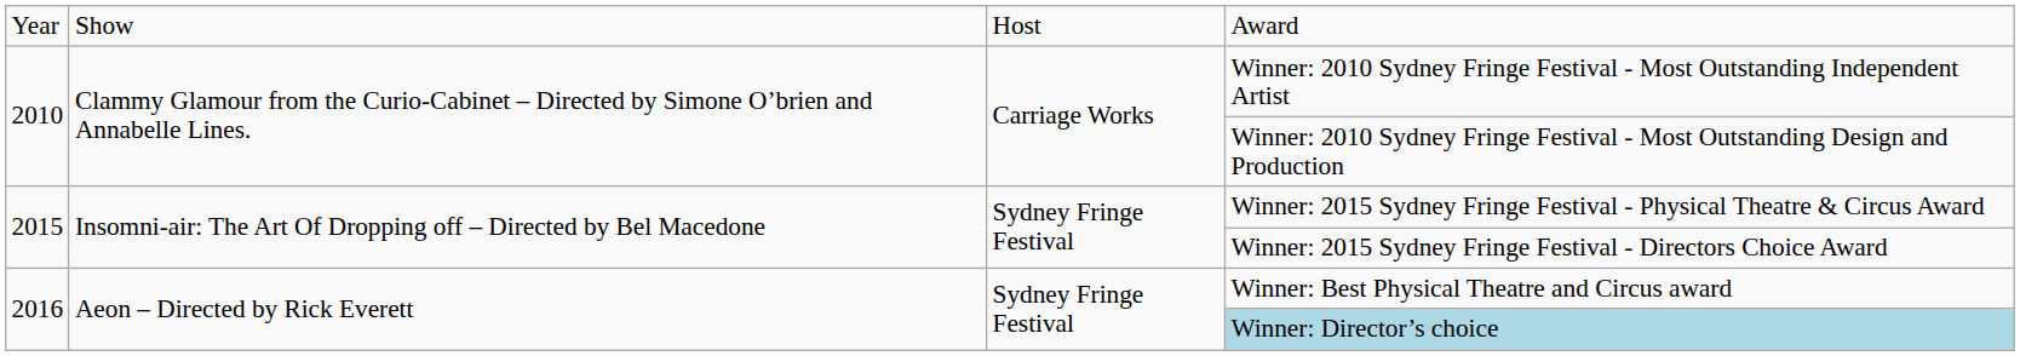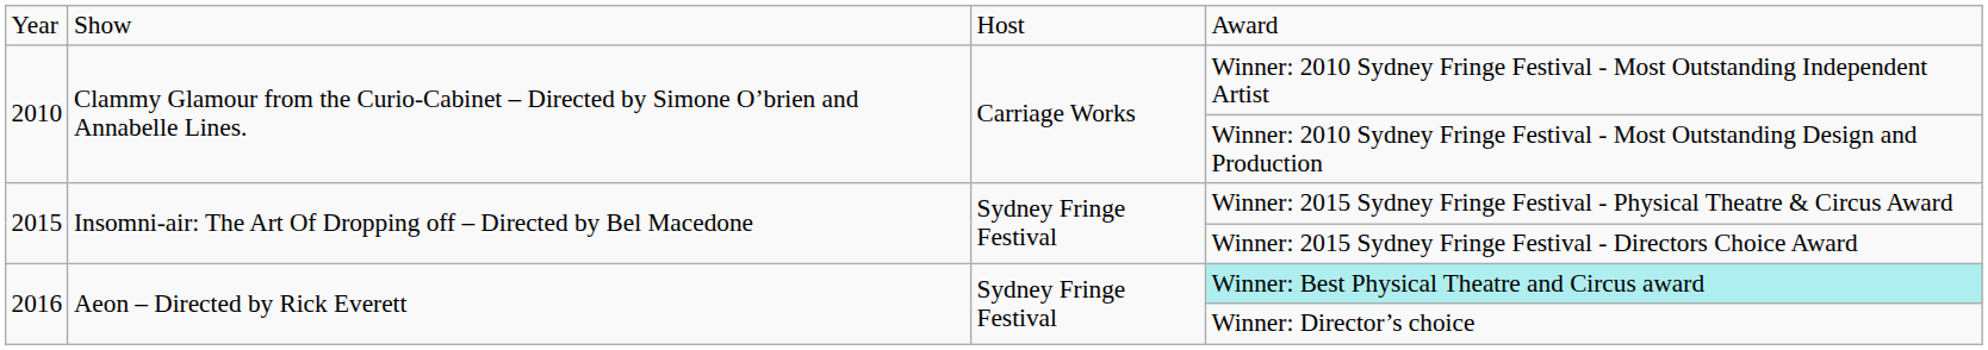 <table class="wikitable">
 <tr>
 <td>Year</td>
 <td>Show</td>
 <td>Host</td>
 <td>Award</td>
 </tr>
 <tr>
 <td rowspan="2">2010</td>
 <td rowspan="2">Clammy Glamour from the Curio-Cabinet – Directed by Simone O’brien and Annabelle Lines.</td>
 <td rowspan="2">Carriage Works</td>
 <td>Winner: 2010 Sydney Fringe Festival - Most Outstanding Independent  Artist</td>
 </tr>
 <tr>
 <td>Winner: 2010 Sydney Fringe Festival - Most Outstanding Design and  Production</td>
 </tr>
 <tr>
 <td rowspan="2">2015</td>
 <td rowspan="2">Insomni-air: The Art Of Dropping off –  Directed by Bel Macedone</td>
 <td rowspan="2">Sydney Fringe Festival</td>
 <td>Winner: 2015 Sydney Fringe Festival - Physical Theatre & Circus  Award</td>
 </tr>
 <tr>
 <td>Winner: 2015 Sydney Fringe Festival - Directors Choice Award</td>
 </tr>
 <tr>
 <td rowspan="2">2016</td>
 <td rowspan="2">Aeon – Directed by Rick Everett</td>
 <td rowspan="2">Sydney Fringe Festival</td>
-<td>Winner: Best Physical Theatre and Circus award</td>
+<td style="background: paleturquoise;">Winner: Best Physical Theatre and Circus award</td>
 </tr>
 <tr>
-<td style="background: lightblue;">Winner: Director’s choice</td>
+<td>Winner: Director’s choice</td>
 </tr>
 </table>
